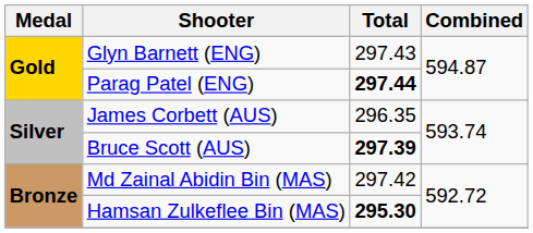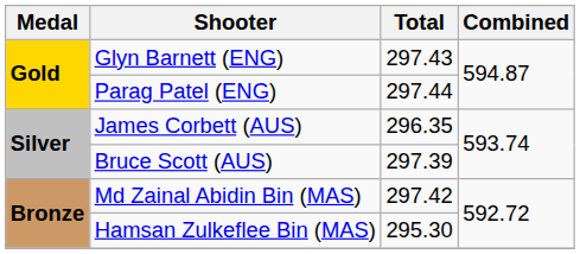 <table class="wikitable">
 <tr>
 <th>Medal</th>
 <th>Shooter</th>
 <th>Total</th>
 <th>Combined</th>
 </tr>
 <tr>
 <td rowspan="2" bgcolor="gold"><strong>Gold</strong></td>
 <td> <a href='#'>Glyn Barnett</a> (<a href='#'>ENG</a>)</td>
 <td>297.43</td>
 <td rowspan="2">594.87</td>
 </tr>
 <tr>
 <td> <a href='#'>Parag Patel</a> (<a href='#'>ENG</a>)</td>
-<td><strong>297.44</strong></td>
+<td>297.44</td>
 </tr>
 <tr>
 <td rowspan="2" bgcolor="silver"><strong>Silver</strong></td>
 <td> <a href='#'>James Corbett</a> (<a href='#'>AUS</a>)</td>
 <td>296.35</td>
 <td rowspan="2">593.74</td>
 </tr>
 <tr>
 <td> <a href='#'>Bruce Scott</a> (<a href='#'>AUS</a>)</td>
-<td><strong>297.39</strong></td>
+<td>297.39</td>
 </tr>
 <tr>
 <td rowspan="2" bgcolor="cc9966"><strong>Bronze</strong></td>
 <td> <a href='#'>Md Zainal Abidin Bin</a> (<a href='#'>MAS</a>)</td>
 <td>297.42</td>
 <td rowspan="2">592.72</td>
 </tr>
 <tr>
 <td> <a href='#'>Hamsan Zulkeflee Bin</a> (<a href='#'>MAS</a>)</td>
-<td><strong>295.30</strong></td>
+<td>295.30</td>
 </tr>
 <tr>
 </tr>
 </table>
